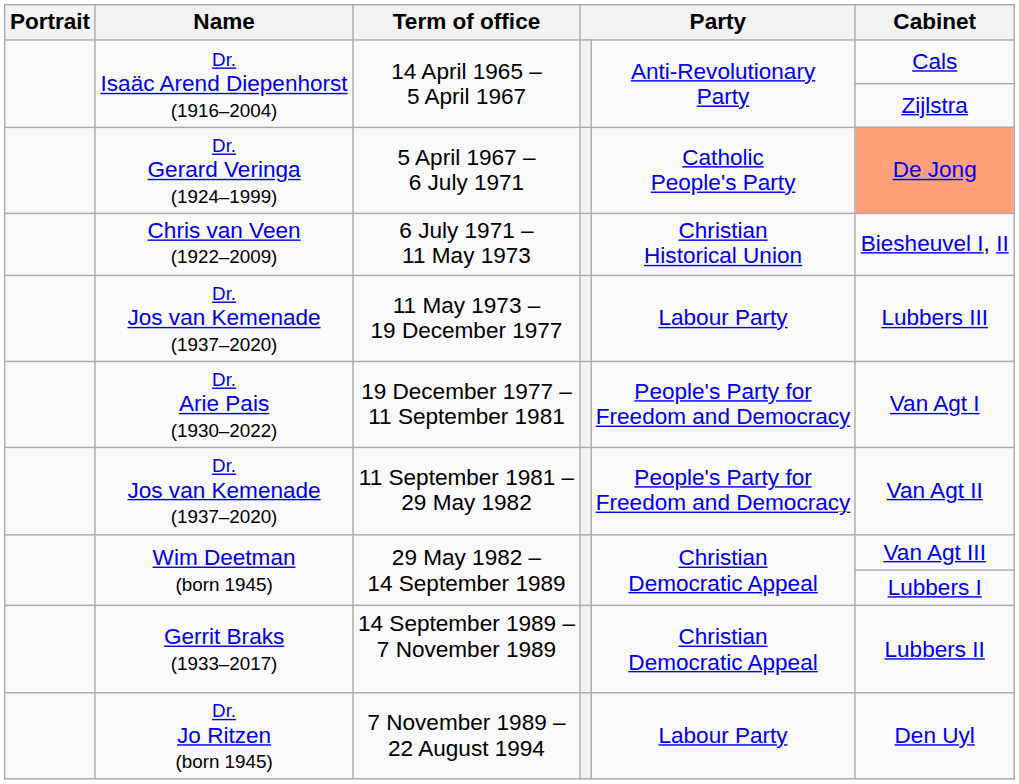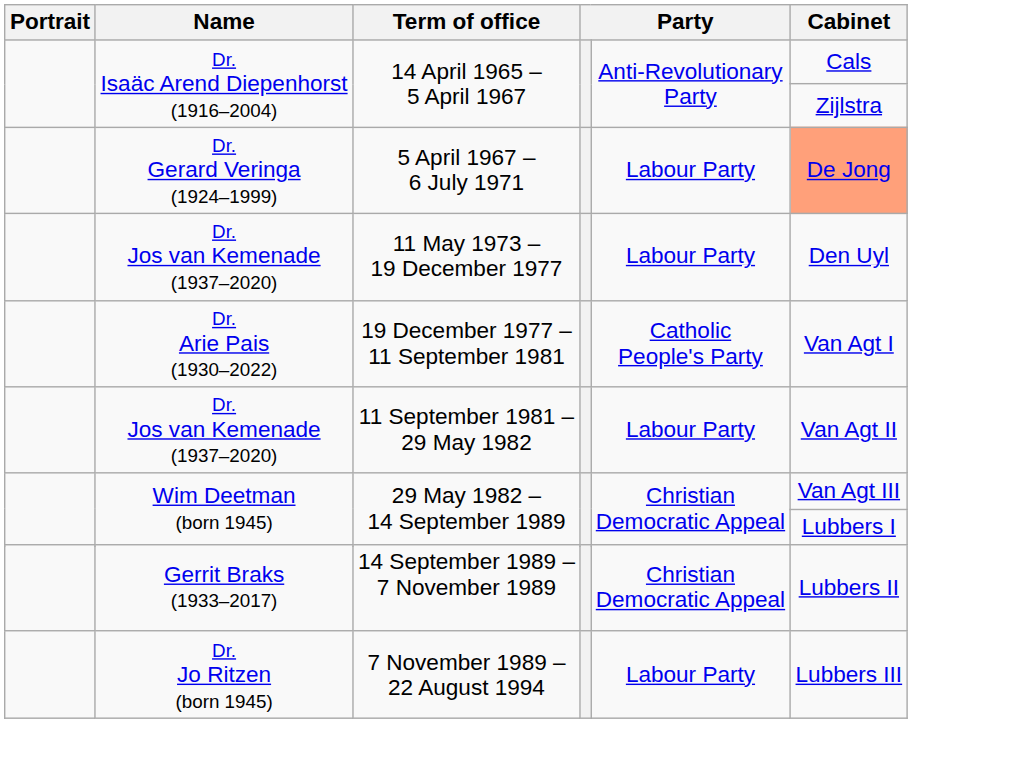 <table class="wikitable" style="text-align:center">
 <tr>
 <th>Portrait</th>
 <th>Name <br> </th>
 <th>Term of office</th>
 <th colspan=2>Party</th>
 <th>Cabinet</th>
 </tr>
 <tr>
 <td rowspan=2></td>
 <td rowspan=2><small><a href='#'>Dr.</a></small> <br> <a href='#'>Isaäc Arend Diepenhorst</a> <br> <small>(1916–2004)</small></td>
 <td rowspan=2>14 April 1965 – <br> 5 April 1967</td>
 <th rowspan=2 style="background:"></th>
 <td rowspan=2><a href='#'>Anti-Revolutionary <br> Party</a></td>
 <td><a href='#'>Cals</a> <br></td>
 </tr>
 <tr>
 <td><a href='#'>Zijlstra</a> <br></td>
 </tr>
 <tr>
 <td></td>
 <td><small><a href='#'>Dr.</a></small> <br> <a href='#'>Gerard Veringa</a> <br> <small>(1924–1999)</small></td>
 <td>5 April 1967 – <br> 6 July 1971</td>
 <th style="background:"></th>
-<td><a href='#'>Catholic <br> People's Party</a></td>
+<td><a href='#'>Labour Party</a></td>
 <td style="background: lightsalmon;"><a href='#'>De Jong</a> <br></td>
-</tr>
-<tr>
-<td></td>
-<td><a href='#'>Chris van Veen</a> <br> <small>(1922–2009)</small></td>
-<td>6 July 1971 – <br> 11 May 1973</td>
-<th style="background:"></th>
-<td><a href='#'>Christian <br> Historical Union</a></td>
-<td><a href='#'>Biesheuvel I</a>, <a href='#'>II</a> <br></td>
 </tr>
 <tr>
 <td></td>
 <td><small><a href='#'>Dr.</a></small> <br> <a href='#'>Jos van Kemenade</a> <br> <small>(1937–2020)</small></td>
 <td>11 May 1973 – <br> 19 December 1977</td>
 <th style="background:"></th>
 <td><a href='#'>Labour Party</a></td>
-<td><a href='#'>Lubbers III</a> <br></td>
+<td><a href='#'>Den Uyl</a> <br></td>
 </tr>
 <tr>
 <td></td>
 <td><small><a href='#'>Dr.</a></small> <br> <a href='#'>Arie Pais</a> <br> <small>(1930–2022)</small></td>
 <td>19 December 1977 – <br> 11 September 1981</td>
 <th style="background:"></th>
-<td><a href='#'>People's Party for <br> Freedom and Democracy</a></td>
+<td><a href='#'>Catholic <br> People's Party</a></td>
 <td><a href='#'>Van Agt I</a> <br></td>
 </tr>
 <tr>
 <td></td>
 <td><small><a href='#'>Dr.</a></small> <br> <a href='#'>Jos van Kemenade</a> <br> <small>(1937–2020)</small></td>
 <td>11 September 1981 – <br> 29 May 1982 <br> </td>
 <th style="background:"></th>
-<td><a href='#'>People's Party for <br> Freedom and Democracy</a></td>
+<td><a href='#'>Labour Party</a></td>
 <td><a href='#'>Van Agt II</a> <br></td>
 </tr>
 <tr>
 <td rowspan=3></td>
 <td rowspan=3><a href='#'>Wim Deetman</a> <br> <small>(born 1945)</small></td>
 <td rowspan=3>29 May 1982 – <br> 14 September 1989 <br> </td>
 <th rowspan=3 style="background:"></th>
 <td rowspan=3><a href='#'>Christian <br> Democratic Appeal</a></td>
 <td><a href='#'>Van Agt III</a> <br></td>
 </tr>
 <tr>
 <td><a href='#'>Lubbers I</a> <br></td>
 </tr>
 <tr>
 <td rowspan=2><a href='#'>Lubbers II</a> <br></td>
 </tr>
 <tr>
 <td></td>
 <td><a href='#'>Gerrit Braks</a> <br> <small>(1933–2017)</small></td>
 <td>14 September 1989 – <br> 7 November 1989 <br>  <br> </td>
 <th style="background:"></th>
 <td><a href='#'>Christian <br> Democratic Appeal</a></td>
 </tr>
 <tr>
 <td></td>
 <td><small><a href='#'>Dr.</a></small> <br> <a href='#'>Jo Ritzen</a> <br> <small>(born 1945)</small></td>
 <td>7 November 1989 – <br> 22 August 1994</td>
 <th style="background:"></th>
 <td><a href='#'>Labour Party</a></td>
-<td><a href='#'>Den Uyl</a> <br></td>
+<td><a href='#'>Lubbers III</a> <br></td>
 </tr>
 </table>
